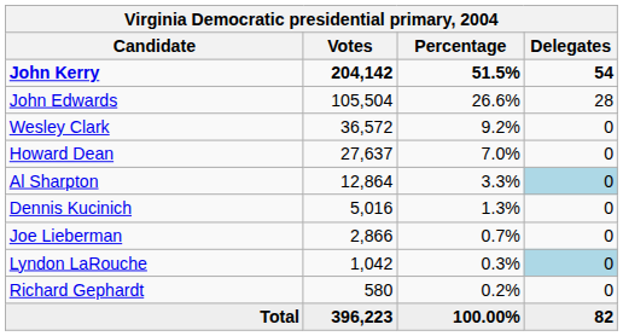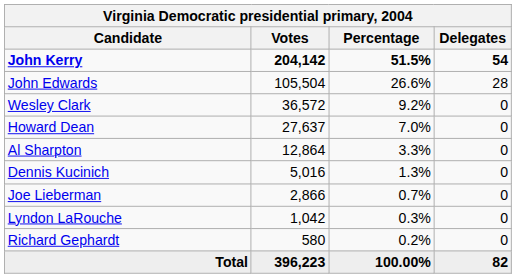 <table class="wikitable" style="font-size:95%; text-align:right;">
 <tr>
 <th colspan="4">Virginia Democratic presidential primary, 2004</th>
 </tr>
 <tr>
 <th style="width: 17em">Candidate</th>
 <th style="width: 5em">Votes</th>
 <th style="width: 7em">Percentage</th>
 <th style="width: 5em">Delegates</th>
 </tr>
 <tr>
 <td align="left"><strong><a href='#'>John Kerry</a></strong></td>
 <td><strong>204,142</strong></td>
 <td><strong>51.5%</strong></td>
 <td><strong>54</strong></td>
 </tr>
 <tr>
 <td align="left"><a href='#'>John Edwards</a></td>
 <td>105,504</td>
 <td>26.6%</td>
 <td>28</td>
 </tr>
 <tr>
 <td align="left"><a href='#'>Wesley Clark</a></td>
 <td>36,572</td>
 <td>9.2%</td>
 <td>0</td>
 </tr>
 <tr>
 <td align="left"><a href='#'>Howard Dean</a></td>
 <td>27,637</td>
 <td>7.0%</td>
 <td>0</td>
 </tr>
 <tr>
 <td align="left"><a href='#'>Al Sharpton</a></td>
 <td>12,864</td>
 <td>3.3%</td>
-<td style="background: lightblue;">0</td>
+<td>0</td>
 </tr>
 <tr>
 <td align="left"><a href='#'>Dennis Kucinich</a></td>
 <td>5,016</td>
 <td>1.3%</td>
 <td>0</td>
 </tr>
 <tr>
 <td align="left"><a href='#'>Joe Lieberman</a></td>
 <td>2,866</td>
 <td>0.7%</td>
 <td>0</td>
 </tr>
 <tr>
 <td align="left"><a href='#'>Lyndon LaRouche</a></td>
 <td>1,042</td>
 <td>0.3%</td>
-<td style="background: lightblue;">0</td>
+<td>0</td>
 </tr>
 <tr>
 <td align="left"><a href='#'>Richard Gephardt</a></td>
 <td>580</td>
 <td>0.2%</td>
 <td>0</td>
 </tr>
 <tr bgcolor="#EEEEEE">
 <td><strong>Total</strong></td>
 <td><strong>396,223</strong></td>
 <td><strong>100.00%</strong></td>
 <td><strong>82</strong></td>
 </tr>
 </table>
